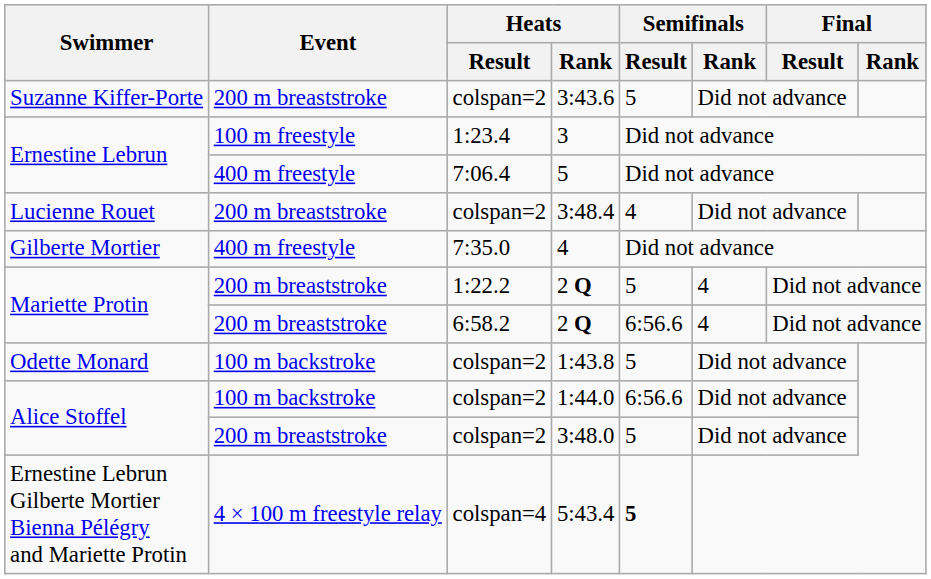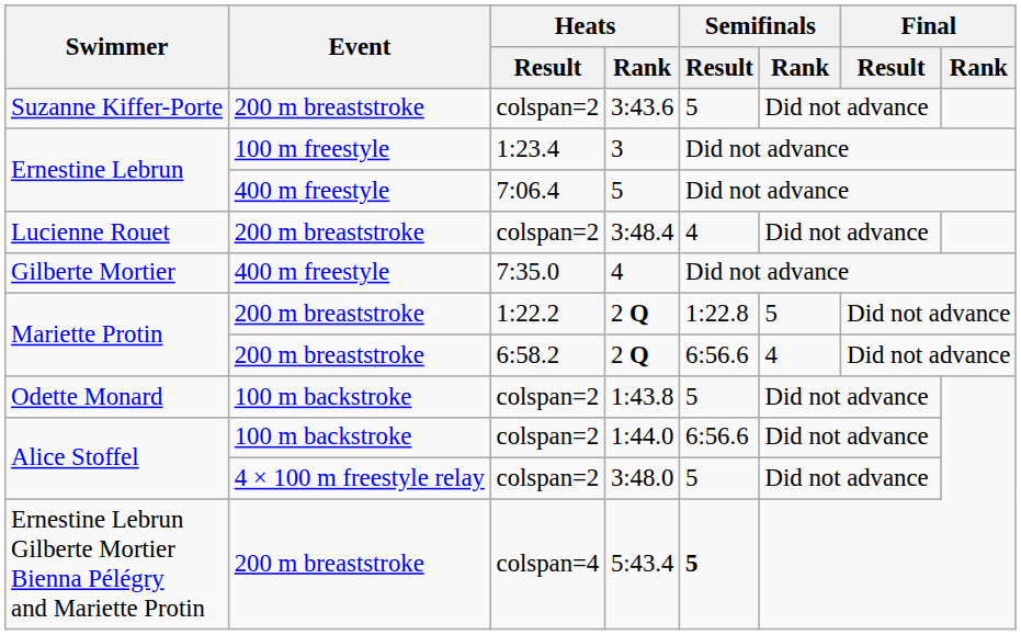 <table class=wikitable style="font-size:90%" style="text-align:center">
 <tr>
 <th rowspan=2>Swimmer</th>
 <th rowspan=2>Event</th>
 <th colspan=2>Heats</th>
 <th colspan=2>Semifinals</th>
 <th colspan=2>Final</th>
 </tr>
 <tr>
 <th>Result</th>
 <th>Rank</th>
 <th>Result</th>
 <th>Rank</th>
 <th>Result</th>
 <th>Rank</th>
 </tr>
 <tr>
 <td align=left><a href='#'>Suzanne Kiffer-Porte</a></td>
 <td align=left><a href='#'>200 m breaststroke</a></td>
 <td>colspan=2 </td>
 <td>3:43.6</td>
 <td>5</td>
 <td colspan=2>Did not advance</td>
 </tr>
 <tr>
 <td rowspan=2 align=left><a href='#'>Ernestine Lebrun</a></td>
 <td align=left><a href='#'>100 m freestyle</a></td>
 <td>1:23.4</td>
 <td>3</td>
 <td colspan=4>Did not advance</td>
 </tr>
 <tr>
 <td align=left><a href='#'>400 m freestyle</a></td>
 <td>7:06.4</td>
 <td>5</td>
 <td colspan=4>Did not advance</td>
 </tr>
 <tr>
 <td align=left><a href='#'>Lucienne Rouet</a></td>
 <td align=left><a href='#'>200 m breaststroke</a></td>
 <td>colspan=2 </td>
 <td>3:48.4</td>
 <td>4</td>
 <td colspan=2>Did not advance</td>
 </tr>
 <tr>
 <td align=left><a href='#'>Gilberte Mortier</a></td>
 <td align=left><a href='#'>400 m freestyle</a></td>
 <td>7:35.0</td>
 <td>4</td>
 <td colspan=4>Did not advance</td>
 </tr>
 <tr>
 <td rowspan=2 align=left><a href='#'>Mariette Protin</a></td>
 <td align=left><a href='#'>200 m breaststroke</a></td>
 <td>1:22.2</td>
 <td>2 <strong>Q</strong></td>
+<td>1:22.8</td>
 <td>5</td>
-<td>4</td>
 <td colspan=2>Did not advance</td>
 </tr>
 <tr>
 <td align=left><a href='#'>200 m breaststroke</a></td>
 <td>6:58.2</td>
 <td>2 <strong>Q</strong></td>
 <td>6:56.6</td>
 <td>4</td>
 <td colspan=2>Did not advance</td>
 </tr>
 <tr>
 <td align=left><a href='#'>Odette Monard</a></td>
 <td align=left><a href='#'>100 m backstroke</a></td>
 <td>colspan=2 </td>
 <td>1:43.8</td>
 <td>5</td>
 <td colspan=2>Did not advance</td>
 </tr>
 <tr>
 <td rowspan=2 align=left><a href='#'>Alice Stoffel</a></td>
 <td align=left><a href='#'>100 m backstroke</a></td>
 <td>colspan=2 </td>
 <td>1:44.0</td>
 <td>6:56.6</td>
 <td colspan=2>Did not advance</td>
 </tr>
 <tr>
-<td align=left><a href='#'>200 m breaststroke</a></td>
+<td align=left><a href='#'>4 × 100 m freestyle relay</a></td>
 <td>colspan=2 </td>
 <td>3:48.0</td>
 <td>5</td>
 <td colspan=2>Did not advance</td>
 </tr>
 <tr>
 <td align=left>Ernestine Lebrun <br> Gilberte Mortier <br> <a href='#'>Bienna Pélégry</a> <br> and Mariette Protin</td>
-<td align=left><a href='#'>4 × 100 m freestyle relay</a></td>
+<td align=left><a href='#'>200 m breaststroke</a></td>
 <td>colspan=4 </td>
 <td>5:43.4</td>
 <td><strong>5</strong></td>
 </tr>
 </table>
